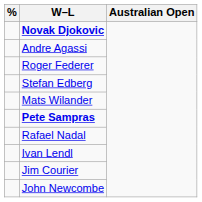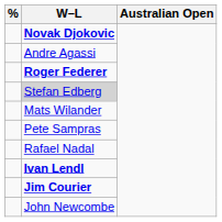 <table class="wikitable" style="display:inline-table;">
 <tr>
 <th>%</th>
 <th>W–L</th>
 <th>Australian Open</th>
 </tr>
 <tr>
 <td></td>
 <td> <strong><a href='#'>Novak Djokovic</a></strong></td>
 </tr>
 <tr>
 <td></td>
 <td> <a href='#'>Andre Agassi</a></td>
 </tr>
 <tr>
 <td></td>
-<td> <a href='#'>Roger Federer</a></td>
+<td><strong> <a href='#'>Roger Federer</a></strong></td>
 </tr>
 <tr>
 <td></td>
-<td> <a href='#'>Stefan Edberg</a></td>
+<td style="background: lightgrey;"> <a href='#'>Stefan Edberg</a></td>
 </tr>
 <tr>
 <td></td>
 <td> <a href='#'>Mats Wilander</a></td>
 </tr>
 <tr>
 <td></td>
-<td><strong> <a href='#'>Pete Sampras</a></strong></td>
+<td> <a href='#'>Pete Sampras</a></td>
 </tr>
 <tr>
 <td></td>
 <td> <a href='#'>Rafael Nadal</a></td>
 </tr>
 <tr>
 <td></td>
-<td> <a href='#'>Ivan Lendl</a></td>
+<td><strong> <a href='#'>Ivan Lendl</a></strong></td>
 </tr>
 <tr>
 <td></td>
-<td> <a href='#'>Jim Courier</a></td>
+<td><strong> <a href='#'>Jim Courier</a></strong></td>
 </tr>
 <tr>
 <td></td>
 <td> <a href='#'>John Newcombe</a></td>
 </tr>
 </table>
